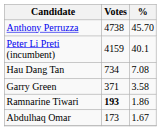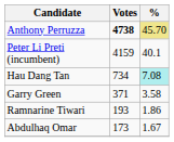 <table class="wikitable">
 <tr>
 <th bgcolor="#DDDDFF" width="150px">Candidate</th>
 <th bgcolor="#DDDDFF">Votes</th>
 <th bgcolor="#DDDDFF">%</th>
 </tr>
 <tr>
 <td><a href='#'>Anthony Perruzza</a></td>
-<td>4738</td>
-<td>45.70</td>
+<td><strong>4738</strong></td>
+<td style="background: khaki;">45.70</td>
 </tr>
 <tr>
 <td><a href='#'>Peter Li Preti</a> (incumbent)</td>
 <td>4159</td>
 <td>40.1</td>
 </tr>
 <tr>
 <td>Hau Dang Tan</td>
 <td>734</td>
-<td>7.08</td>
+<td style="background: paleturquoise;">7.08</td>
 </tr>
 <tr>
 <td>Garry Green</td>
 <td>371</td>
 <td>3.58</td>
 </tr>
 <tr>
 <td>Ramnarine Tiwari</td>
-<td><strong>193</strong></td>
+<td>193</td>
 <td>1.86</td>
 </tr>
 <tr>
 <td>Abdulhaq Omar</td>
 <td>173</td>
 <td>1.67</td>
 </tr>
 <tr>
 </tr>
 </table>
